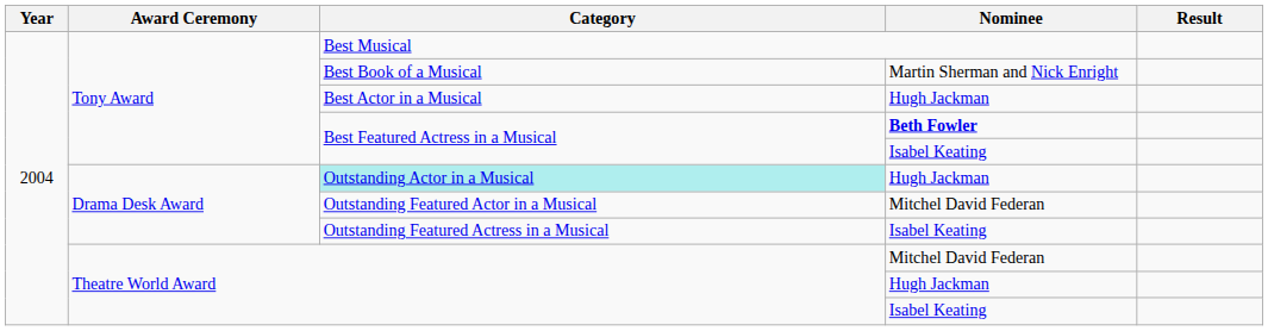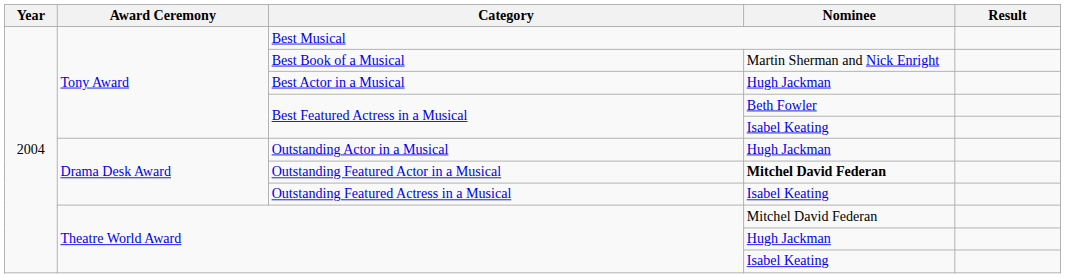 <table class="wikitable" width="95%">
 <tr>
 <th width="5%">Year</th>
 <th width="20%">Award Ceremony</th>
 <th width="45%">Category</th>
 <th width="20%">Nominee</th>
 <th width="10%">Result</th>
 </tr>
 <tr>
 <td rowspan="11" align="center">2004</td>
 <td rowspan="5"><a href='#'>Tony Award</a></td>
 <td colspan="2"><a href='#'>Best Musical</a></td>
 <td></td>
 </tr>
 <tr>
 <td><a href='#'>Best Book of a Musical</a></td>
 <td>Martin Sherman and <a href='#'>Nick Enright</a></td>
 <td></td>
 </tr>
 <tr>
 <td><a href='#'>Best Actor in a Musical</a></td>
 <td><a href='#'>Hugh Jackman</a></td>
 <td></td>
 </tr>
 <tr>
 <td rowspan="2"><a href='#'>Best Featured Actress in a Musical</a></td>
-<td><strong><a href='#'>Beth Fowler</a></strong></td>
+<td><a href='#'>Beth Fowler</a></td>
 <td></td>
 </tr>
 <tr>
 <td><a href='#'>Isabel Keating</a></td>
 <td></td>
 </tr>
 <tr>
 <td rowspan="3"><a href='#'>Drama Desk Award</a></td>
-<td style="background: paleturquoise;"><a href='#'>Outstanding Actor in a Musical</a></td>
+<td><a href='#'>Outstanding Actor in a Musical</a></td>
 <td><a href='#'>Hugh Jackman</a></td>
 <td></td>
 </tr>
 <tr>
 <td><a href='#'>Outstanding Featured Actor in a Musical</a></td>
-<td>Mitchel David Federan</td>
+<td><strong>Mitchel David Federan</strong></td>
 <td></td>
 </tr>
 <tr>
 <td><a href='#'>Outstanding Featured Actress in a Musical</a></td>
 <td><a href='#'>Isabel Keating</a></td>
 <td></td>
 </tr>
 <tr>
 <td rowspan="3" colspan="2"><a href='#'>Theatre World Award</a></td>
 <td>Mitchel David Federan</td>
 <td></td>
 </tr>
 <tr>
 <td><a href='#'>Hugh Jackman</a></td>
 <td></td>
 </tr>
 <tr>
 <td><a href='#'>Isabel Keating</a></td>
 <td></td>
 </tr>
 </table>
